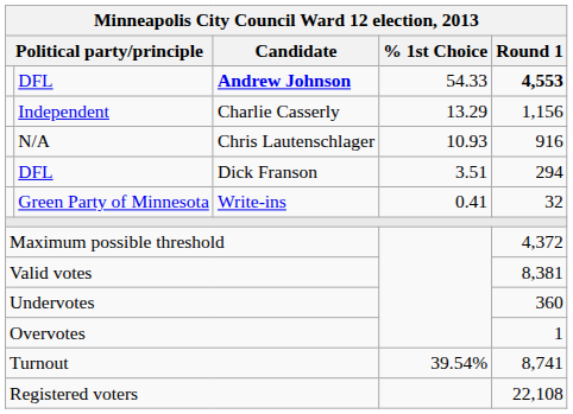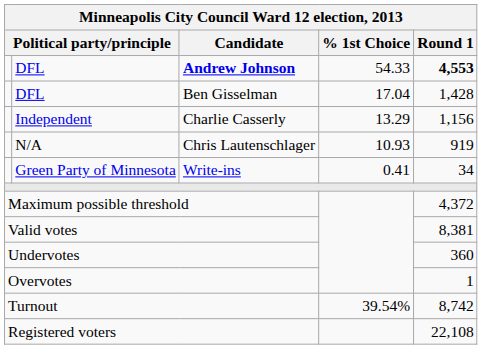 <table class="wikitable" style="font-size:95%">
 <tr>
 <th colspan="5">Minneapolis City Council Ward 12 election, 2013</th>
 </tr>
 <tr>
 <th colspan="2">Political party/principle</th>
 <th>Candidate</th>
 <th>% 1st Choice</th>
 <th>Round 1</th>
 </tr>
 <tr>
 <td style="background-color:"></td>
 <td><a href='#'>DFL</a></td>
 <td><strong><a href='#'>Andrew Johnson</a></strong></td>
 <td align="right">54.33</td>
 <td align="right"><strong>4,553</strong></td>
 </tr>
 <tr>
 <td style="background-color:"></td>
+<td><a href='#'>DFL</a></td>
+<td>Ben Gisselman</td>
+<td align="right">17.04</td>
+<td align="right">1,428</td>
+</tr>
+<tr>
+<td style="background-color:"></td>
 <td><a href='#'>Independent</a></td>
 <td>Charlie Casserly</td>
 <td align="right">13.29</td>
 <td align="right">1,156</td>
 </tr>
 <tr>
 <td style="background-color:"></td>
 <td>N/A</td>
 <td>Chris Lautenschlager</td>
 <td align="right">10.93</td>
-<td align="right">916</td>
-</tr>
-<tr>
-<td style="background-color:"></td>
-<td><a href='#'>DFL</a></td>
-<td>Dick Franson</td>
-<td align="right">3.51</td>
-<td align="right">294</td>
+<td align="right">919</td>
 </tr>
 <tr>
 <td style="background-color:"></td>
 <td><a href='#'>Green Party of Minnesota</a></td>
 <td><a href='#'>Write-ins</a></td>
 <td align="right">0.41</td>
-<td align="right">32</td>
+<td align="right">34</td>
 </tr>
 <tr>
 <td colspan="5" style="background: #E9E9E9"></td>
 </tr>
 <tr>
 <td colspan="3">Maximum possible threshold</td>
 <td rowspan="4"></td>
 <td align="right">4,372</td>
 </tr>
 <tr>
 <td colspan="3">Valid votes</td>
 <td align="right">8,381</td>
 </tr>
 <tr>
 <td colspan="3">Undervotes</td>
 <td align="right">360</td>
 </tr>
 <tr>
 <td colspan="3">Overvotes</td>
 <td align="right">1</td>
 </tr>
 <tr>
 <td colspan="3">Turnout</td>
 <td align="right">39.54%</td>
-<td align="right">8,741</td>
+<td align="right">8,742</td>
 </tr>
 <tr>
 <td colspan="3">Registered voters</td>
 <td></td>
 <td align="right">22,108</td>
 </tr>
 </table>
